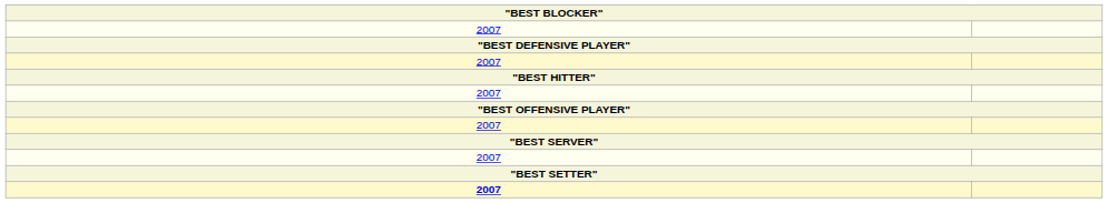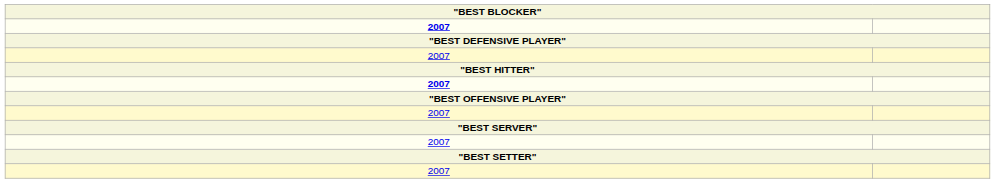 <table border=1 align=center width=72% cellpadding=2 cellspacing=2 style="background: ivory; font-size: 90%; border: 1px #aaaaaa solid; border-collapse: collapse; clear:center">
 <tr style="background:beige">
 <th colspan="2">"BEST BLOCKER"</th>
 </tr>
 <tr>
-<td align="center"><a href='#'>2007</a></td>
+<td align="center"><strong><a href='#'>2007</a></strong></td>
 <td></td>
 </tr>
 <tr style="background:beige">
 <th colspan="2">"BEST DEFENSIVE PLAYER"</th>
 </tr>
 <tr style="background:lemonchiffon">
 <td align="center"><a href='#'>2007</a></td>
 <td></td>
 </tr>
 <tr style="background:beige">
 <th colspan="2">"BEST HITTER"</th>
 </tr>
 <tr>
-<td align="center"><a href='#'>2007</a></td>
+<td align="center"><strong><a href='#'>2007</a></strong></td>
 <td></td>
 </tr>
 <tr style="background:beige">
 <th colspan="2">"BEST OFFENSIVE PLAYER"</th>
 </tr>
 <tr style="background:lemonchiffon">
 <td align="center"><a href='#'>2007</a></td>
 <td></td>
 </tr>
 <tr style="background:beige">
 <th colspan="2">"BEST SERVER"</th>
 </tr>
 <tr>
 <td align="center"><a href='#'>2007</a></td>
 <td></td>
 </tr>
 <tr style="background:beige">
 <th colspan="2">"BEST SETTER"</th>
 </tr>
 <tr style="background:lemonchiffon">
-<td align="center"><strong><a href='#'>2007</a></strong></td>
+<td align="center"><a href='#'>2007</a></td>
 <td></td>
 </tr>
 </table>
